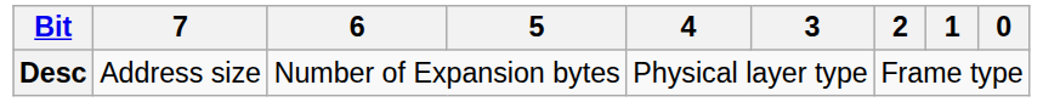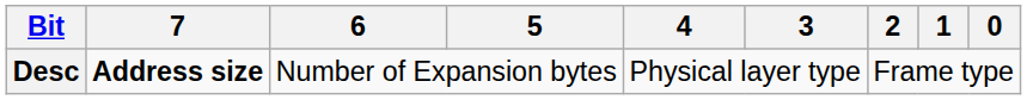 <table class="wikitable" style="margin: 0 auto; text-align:center">
 <tr>
 <th><a href='#'>Bit</a></th>
 <th style="text-align:center;">7</th>
 <th>6</th>
 <th>5</th>
 <th>4</th>
 <th>3</th>
 <th>2</th>
 <th>1</th>
 <th>0</th>
 </tr>
 <tr>
 <th>Desc</th>
-<td>Address size</td>
+<td><strong>Address size</strong></td>
 <td colspan="2">Number of Expansion bytes</td>
 <td colspan="2">Physical layer type</td>
 <td colspan="3">Frame type</td>
 </tr>
 </table>
